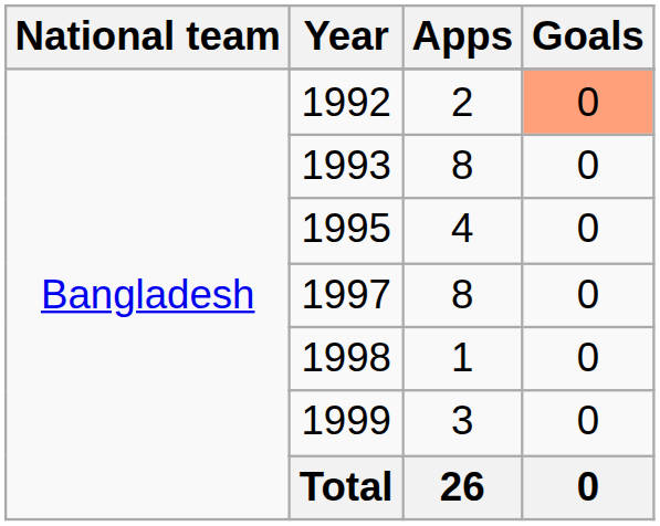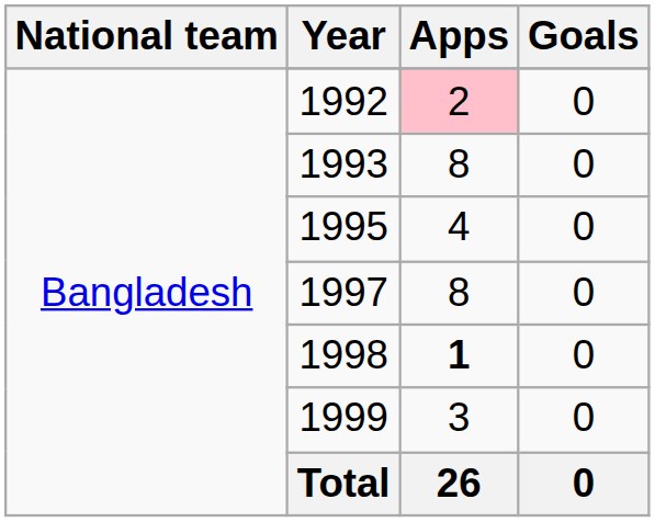 <table class="wikitable" style="text-align: center;">
 <tr>
 <th>National team</th>
 <th>Year</th>
 <th>Apps</th>
 <th>Goals</th>
 </tr>
 <tr>
 <td rowspan="8"><a href='#'>Bangladesh</a></td>
 </tr>
 <tr>
 <td>1992</td>
-<td>2</td>
-<td style="background: lightsalmon;">0</td>
+<td style="background: pink;">2</td>
+<td>0</td>
 </tr>
 <tr>
 <td>1993</td>
 <td>8</td>
 <td>0</td>
 </tr>
 <tr>
 <td>1995</td>
 <td>4</td>
 <td>0</td>
 </tr>
 <tr>
 <td>1997</td>
 <td>8</td>
 <td>0</td>
 </tr>
 <tr>
 <td>1998</td>
-<td>1</td>
+<td><strong>1</strong></td>
 <td>0</td>
 </tr>
 <tr>
 <td>1999</td>
 <td>3</td>
 <td>0</td>
 </tr>
 <tr>
 <th>Total</th>
 <th>26</th>
 <th>0</th>
 </tr>
 </table>
